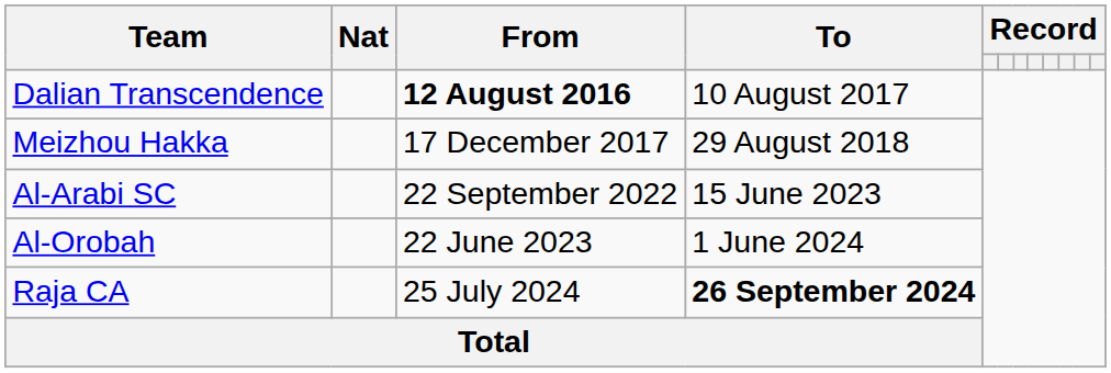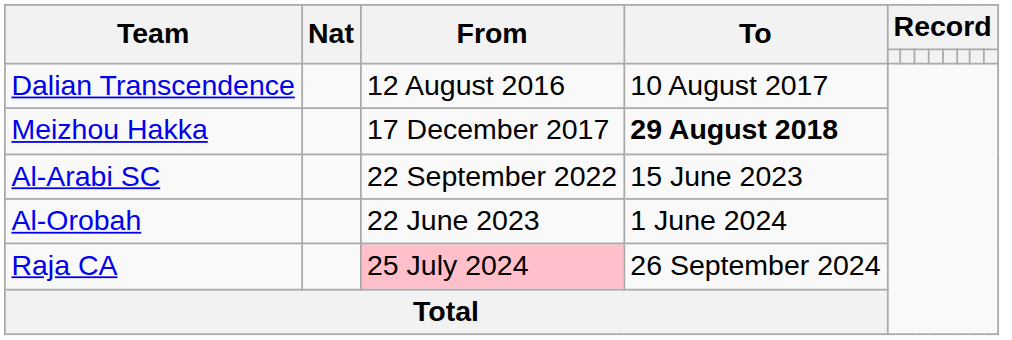 <table class="wikitable" style="text-align: center">
 <tr>
 <th rowspan="2">Team</th>
 <th rowspan="2">Nat</th>
 <th rowspan="2">From</th>
 <th rowspan="2">To</th>
 <th colspan="8">Record</th>
 </tr>
 <tr>
 <th></th>
 <th></th>
 <th></th>
 <th></th>
 <th></th>
 <th></th>
 <th></th>
 <th></th>
 </tr>
 <tr>
 <td align=left><a href='#'>Dalian Transcendence</a></td>
 <td></td>
-<td align=left><strong>12 August 2016</strong></td>
+<td align=left>12 August 2016</td>
 <td align=left>10 August 2017<br></td>
 </tr>
 <tr>
 <td align=left><a href='#'>Meizhou Hakka</a></td>
 <td></td>
 <td align=left>17 December 2017</td>
-<td align=left>29 August 2018<br></td>
+<td align=left><strong>29 August 2018<br></strong></td>
 </tr>
 <tr>
 <td align=left><a href='#'>Al-Arabi SC</a></td>
 <td></td>
 <td align=left>22 September 2022</td>
 <td align=left>15 June 2023<br></td>
 </tr>
 <tr>
 <td align=left><a href='#'>Al-Orobah</a></td>
 <td></td>
 <td align=left>22 June 2023</td>
 <td align=left>1 June 2024<br></td>
 </tr>
 <tr>
 <td align=left><a href='#'>Raja CA</a></td>
 <td></td>
-<td align=left>25 July 2024</td>
-<td align=left><strong>26 September 2024<br></strong></td>
+<td align=left style="background: pink;">25 July 2024</td>
+<td align=left>26 September 2024<br></td>
 </tr>
 <tr>
 <th colspan="4">Total<br></th>
 </tr>
 </table>
